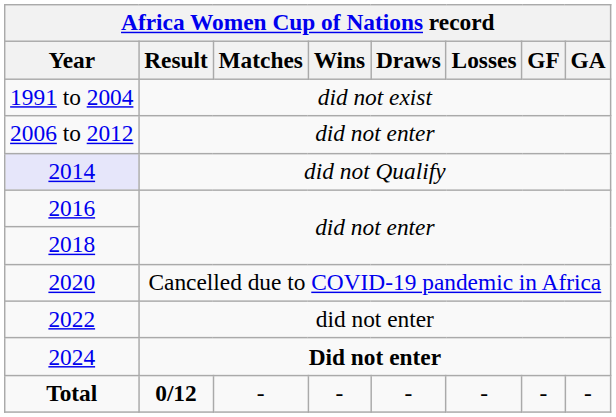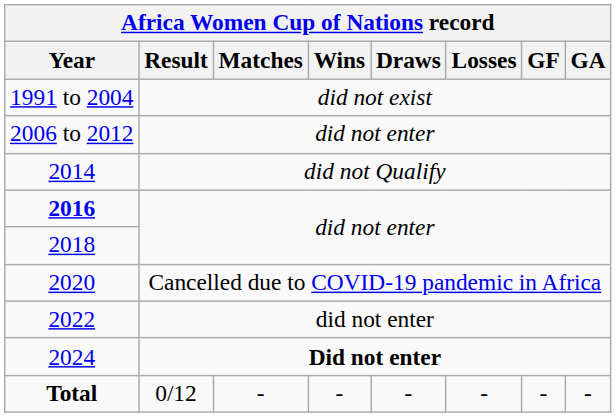 <table class="wikitable" style="text-align: center;">
 <tr>
 <th colspan=8><a href='#'>Africa Women Cup of Nations</a> record</th>
 </tr>
 <tr>
 <th>Year</th>
 <th>Result</th>
 <th>Matches</th>
 <th>Wins</th>
 <th>Draws</th>
 <th>Losses</th>
 <th>GF</th>
 <th>GA</th>
 </tr>
 <tr>
 <td><a href='#'>1991</a> to  <a href='#'>2004</a></td>
 <td colspan=8><em>did not exist</em></td>
 </tr>
 <tr>
 <td> <a href='#'>2006</a> to  <a href='#'>2012</a></td>
 <td colspan=8><em>did not enter</em></td>
 </tr>
 <tr>
-<td style="background: lavender;"> <a href='#'>2014</a></td>
+<td> <a href='#'>2014</a></td>
 <td colspan=8><em>did not Qualify</em></td>
 </tr>
 <tr>
-<td> <a href='#'>2016</a></td>
+<td><strong> <a href='#'>2016</a></strong></td>
 <td colspan=8 rowspan=2><em>did not enter</em></td>
 </tr>
 <tr>
 <td> <a href='#'>2018</a></td>
 </tr>
 <tr>
 <td> <a href='#'>2020</a></td>
 <td colspan=8>Cancelled due to <a href='#'>COVID-19 pandemic in Africa</a></td>
 </tr>
 <tr>
 <td> <a href='#'>2022</a></td>
 <td colspan=8>did not enter</td>
 </tr>
 <tr>
 <td> <a href='#'>2024</a></td>
 <td colspan=8><strong> Did not enter </strong></td>
 </tr>
 <tr>
 <td><strong>Total</strong></td>
-<td><strong>0/12</strong></td>
+<td>0/12</td>
 <td>-</td>
 <td>-</td>
 <td>-</td>
 <td>-</td>
 <td>-</td>
 <td>-</td>
 </tr>
 </table>
